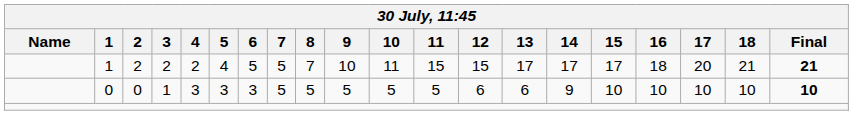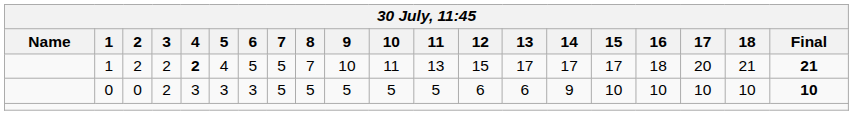 <table class=wikitable style="text-align:center; width: 55%">
 <tr>
 <th colspan=20><em>30 July, 11:45</em></th>
 </tr>
 <tr>
 <th>Name</th>
 <th>1</th>
 <th>2</th>
 <th>3</th>
 <th>4</th>
 <th>5</th>
 <th>6</th>
 <th>7</th>
 <th>8</th>
 <th>9</th>
 <th>10</th>
 <th>11</th>
 <th>12</th>
 <th>13</th>
 <th>14</th>
 <th>15</th>
 <th>16</th>
 <th>17</th>
 <th>18</th>
 <th>Final</th>
 </tr>
 <tr>
 <td align=left><strong></strong></td>
 <td>1</td>
 <td>2</td>
 <td>2</td>
-<td>2</td>
+<td><strong>2</strong></td>
 <td>4</td>
 <td>5</td>
 <td>5</td>
 <td>7</td>
 <td>10</td>
 <td>11</td>
-<td>15</td>
+<td>13</td>
 <td>15</td>
 <td>17</td>
 <td>17</td>
 <td>17</td>
 <td>18</td>
 <td>20</td>
 <td>21</td>
 <td><strong>21</strong></td>
 </tr>
 <tr>
 <td align=left></td>
 <td>0</td>
 <td>0</td>
-<td>1</td>
+<td>2</td>
 <td>3</td>
 <td>3</td>
 <td>3</td>
 <td>5</td>
 <td>5</td>
 <td>5</td>
 <td>5</td>
 <td>5</td>
 <td>6</td>
 <td>6</td>
 <td>9</td>
 <td>10</td>
 <td>10</td>
 <td>10</td>
 <td>10</td>
 <td><strong>10</strong></td>
 </tr>
 <tr>
 <td colspan=20></td>
 </tr>
 </table>
